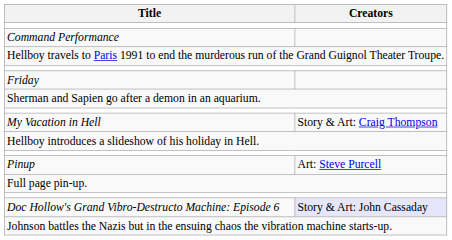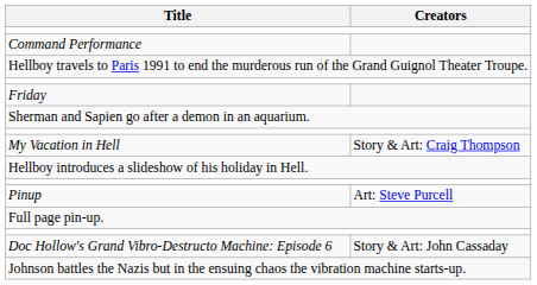 <table class="wikitable">
 <tr>
 <th>Title</th>
 <th>Creators</th>
 </tr>
 <tr>
 <td colspan="6" bgcolor="#FFFFFF"></td>
 </tr>
 <tr>
 <td><em>Command Performance</em></td>
 <td></td>
 </tr>
 <tr>
 <td colspan="6">Hellboy travels to <a href='#'>Paris</a> 1991 to end the murderous run of the Grand Guignol Theater Troupe.</td>
 </tr>
 <tr>
 <td colspan="6" bgcolor="#FFFFFF"></td>
 </tr>
 <tr>
 <td><em>Friday</em></td>
 <td></td>
 </tr>
 <tr>
 <td colspan="6">Sherman and Sapien go after a demon in an aquarium.</td>
 </tr>
 <tr>
 <td colspan="6" bgcolor="#FFFFFF"></td>
 </tr>
 <tr>
 <td><em>My Vacation in Hell</em></td>
 <td>Story & Art: <a href='#'>Craig Thompson</a></td>
 </tr>
 <tr>
 <td colspan="6">Hellboy introduces a slideshow of his holiday in Hell.</td>
 </tr>
 <tr>
 <td colspan="6" bgcolor="#FFFFFF"></td>
 </tr>
 <tr>
 <td><em>Pinup</em></td>
 <td>Art: <a href='#'>Steve Purcell</a></td>
 </tr>
 <tr>
 <td colspan="6">Full page pin-up.</td>
 </tr>
 <tr>
 <td colspan="6" bgcolor="#FFFFFF"></td>
 </tr>
 <tr>
 <td><em>Doc Hollow's Grand Vibro-Destructo Machine: Episode 6</em></td>
-<td style="background: lavender;">Story & Art: John Cassaday</td>
+<td>Story & Art: John Cassaday</td>
 </tr>
 <tr>
 <td colspan="6">Johnson battles the Nazis but in the ensuing chaos the vibration machine starts-up.</td>
 </tr>
 </table>
